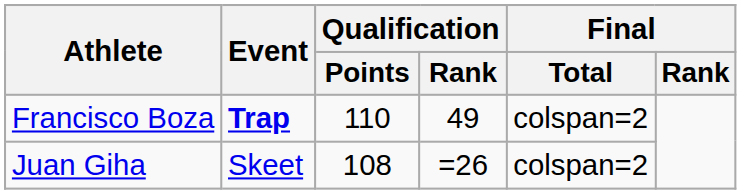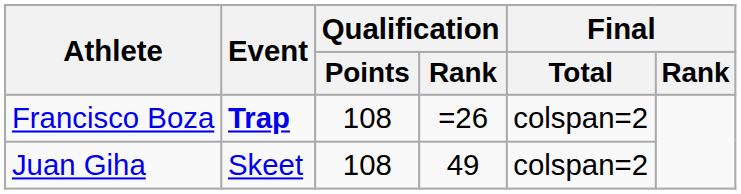 <table class="wikitable" style="font-size:90%">
 <tr>
 <th rowspan="2">Athlete</th>
 <th rowspan="2">Event</th>
 <th colspan=2>Qualification</th>
 <th colspan=2>Final</th>
 </tr>
 <tr style="font-size:95%">
 <th>Points</th>
 <th>Rank</th>
 <th>Total</th>
 <th>Rank</th>
 </tr>
 <tr align=center>
 <td align=left><a href='#'>Francisco Boza</a></td>
 <td align=left><strong><a href='#'>Trap</a></strong></td>
-<td>110</td>
-<td>49</td>
+<td>108</td>
+<td>=26</td>
 <td>colspan=2 </td>
 </tr>
 <tr align=center>
 <td align=left><a href='#'>Juan Giha</a></td>
 <td align=left><a href='#'>Skeet</a></td>
 <td>108</td>
-<td>=26</td>
+<td>49</td>
 <td>colspan=2 </td>
 </tr>
 </table>
